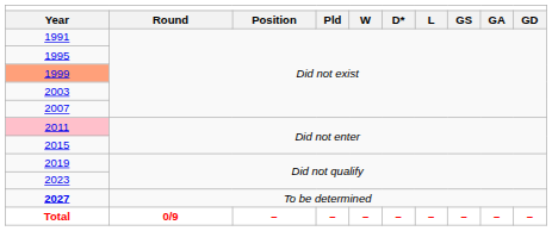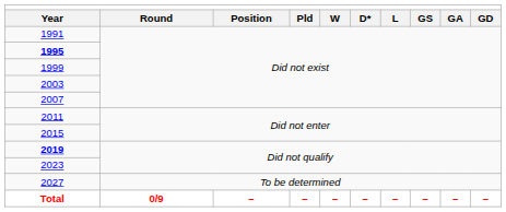 <table class="wikitable" style="text-align: center;font-size:90%;">
 <tr>
 <th colspan="10" style="background: #FFFFFF; color: red;"><a href='#'></a></th>
 </tr>
 <tr>
 <th width=125>Year</th>
 <th width=150>Round</th>
 <th width=100>Position</th>
 <th width=35>Pld</th>
 <th width=35>W</th>
 <th width=35>D*</th>
 <th width=35>L</th>
 <th width=35>GS</th>
 <th width=35>GA</th>
 <th width=35>GD</th>
 </tr>
 <tr>
 <td> <a href='#'>1991</a></td>
 <td colspan=9 rowspan=5><em>Did not exist</em></td>
 </tr>
 <tr>
-<td> <a href='#'>1995</a></td>
+<td><strong> <a href='#'>1995</a></strong></td>
 </tr>
 <tr>
-<td style="background: lightsalmon;"> <a href='#'>1999</a></td>
+<td> <a href='#'>1999</a></td>
 </tr>
 <tr>
 <td> <a href='#'>2003</a></td>
 </tr>
 <tr>
 <td> <a href='#'>2007</a></td>
 </tr>
 <tr>
-<td style="background: pink;"> <a href='#'>2011</a></td>
+<td> <a href='#'>2011</a></td>
 <td colspan=9 rowspan=2><em>Did not enter</em></td>
 </tr>
 <tr>
 <td> <a href='#'>2015</a></td>
 </tr>
 <tr>
-<td> <a href='#'>2019</a></td>
+<td><strong> <a href='#'>2019</a></strong></td>
 <td colspan=9 rowspan=2><em>Did not qualify</em></td>
 </tr>
 <tr>
 <td> <a href='#'>2023</a></td>
 </tr>
 <tr>
-<td><strong> <a href='#'>2027</a></strong></td>
+<td> <a href='#'>2027</a></td>
 <td colspan=9><em>To be determined</em></td>
 </tr>
 <tr>
 <td colspan=1 style="background: #FFFFFF; color: red;"><strong>Total</strong></td>
 <td style="background: #FFFFFF; color: red;"><strong>0/9</strong></td>
 <td style="background: #FFFFFF; color: red;"><strong>–</strong></td>
 <td style="background: #FFFFFF; color: red;"><strong>–</strong></td>
 <td style="background: #FFFFFF; color: red;"><strong>–</strong></td>
 <td style="background: #FFFFFF; color: red;"><strong>–</strong></td>
 <td style="background: #FFFFFF; color: red;"><strong>–</strong></td>
 <td style="background: #FFFFFF; color: red;"><strong>–</strong></td>
 <td style="background: #FFFFFF; color: red;"><strong>–</strong></td>
 <td style="background: #FFFFFF; color: red;"><strong>–</strong></td>
 </tr>
 </table>
